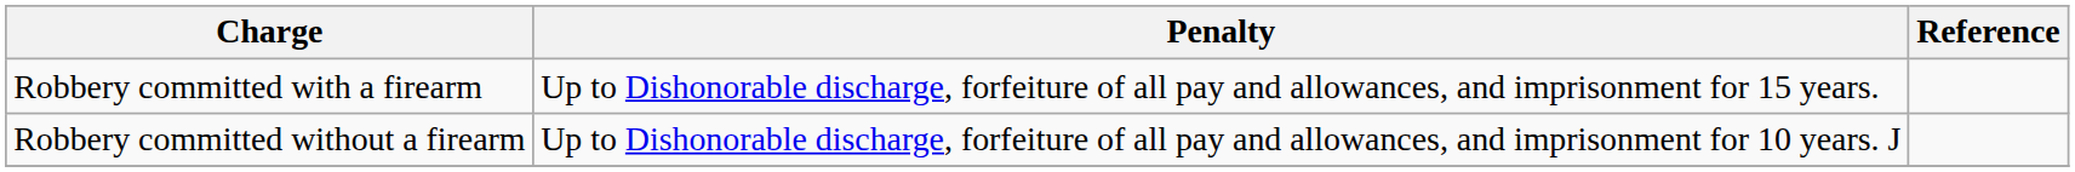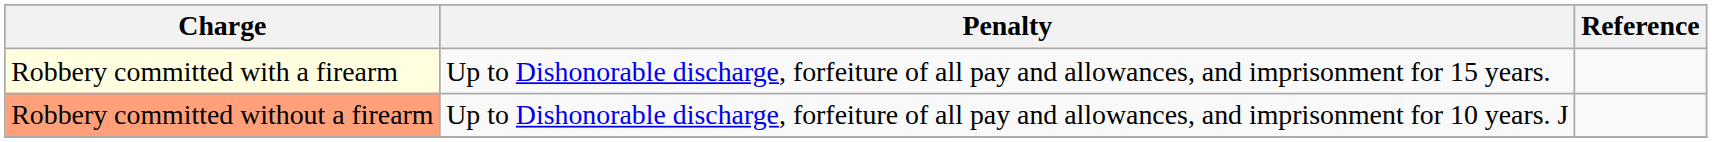 <table class="wikitable">
 <tr>
 <th>Charge</th>
 <th>Penalty</th>
 <th>Reference</th>
 </tr>
 <tr>
-<td>Robbery committed with a firearm</td>
+<td style="background: lightyellow;">Robbery committed with a firearm</td>
 <td>Up to <a href='#'>Dishonorable discharge</a>, forfeiture of all pay and allowances, and imprisonment for 15 years.</td>
 <td></td>
 </tr>
 <tr>
-<td>Robbery committed without a firearm</td>
+<td style="background: lightsalmon;">Robbery committed without a firearm</td>
 <td>Up to <a href='#'>Dishonorable discharge</a>, forfeiture of all pay and allowances, and imprisonment for 10 years.  J</td>
 <td></td>
 </tr>
 <tr>
 </tr>
 </table>
